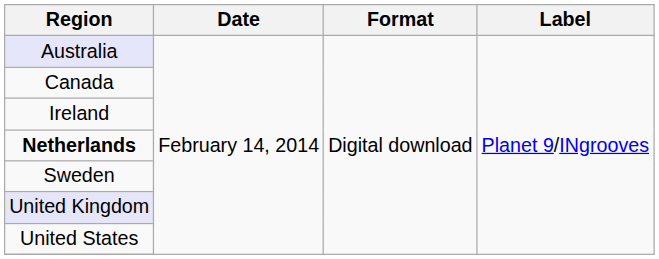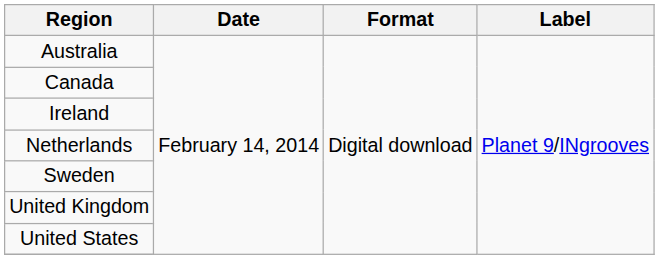 <table class="wikitable">
 <tr>
 <th>Region</th>
 <th>Date</th>
 <th>Format</th>
 <th>Label</th>
 </tr>
 <tr>
-<td align="center" style="background: lavender;">Australia</td>
+<td align="center">Australia</td>
 <td rowspan="8">February 14, 2014</td>
 <td rowspan="8">Digital download</td>
 <td rowspan="8" align="center"><a href='#'>Planet 9</a>/<a href='#'>INgrooves</a></td>
 </tr>
 <tr>
 <td align="center">Canada</td>
 </tr>
 <tr>
 <td align="center">Ireland</td>
 </tr>
 <tr>
-<td align="center"><strong>Netherlands</strong></td>
+<td align="center">Netherlands</td>
 </tr>
 <tr>
 <td align="center">Sweden</td>
 </tr>
 <tr>
-<td align="center" style="background: lavender;">United Kingdom</td>
+<td align="center">United Kingdom</td>
 </tr>
 <tr>
 <td align="center">United States</td>
 </tr>
 <tr>
 </tr>
 </table>
